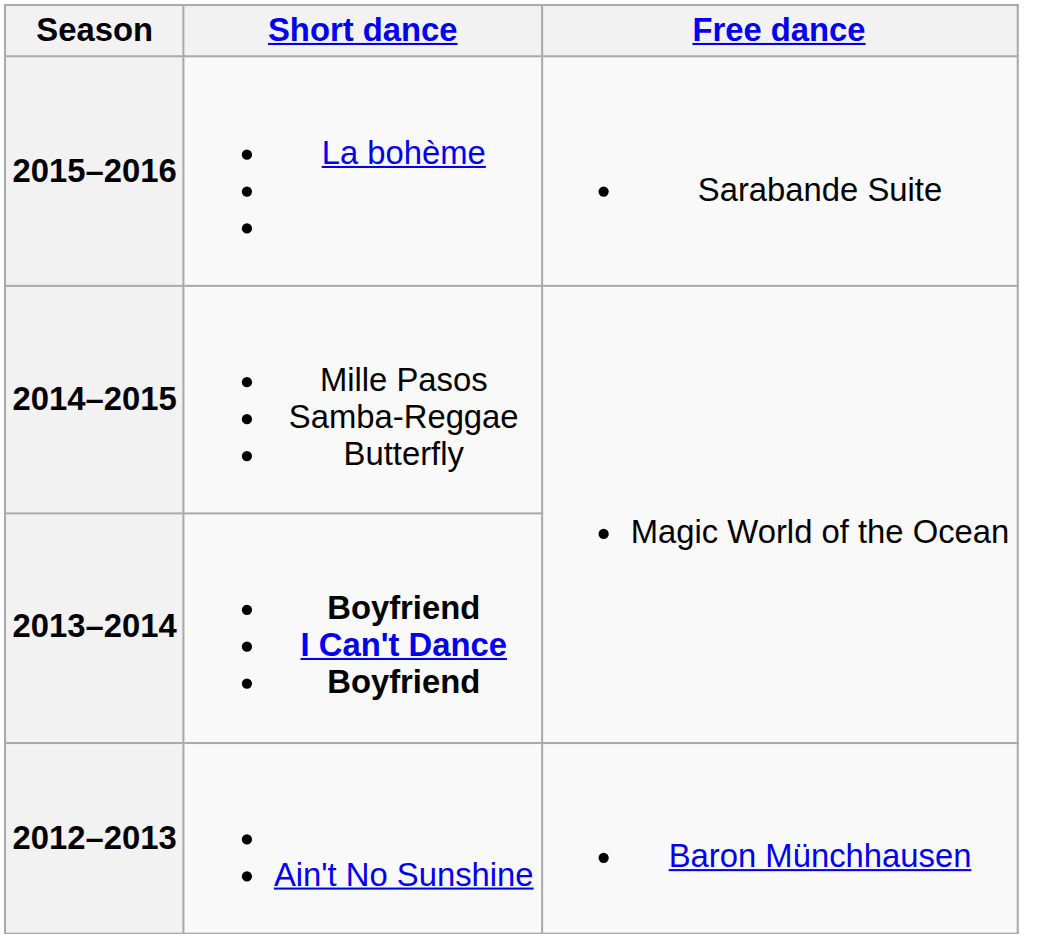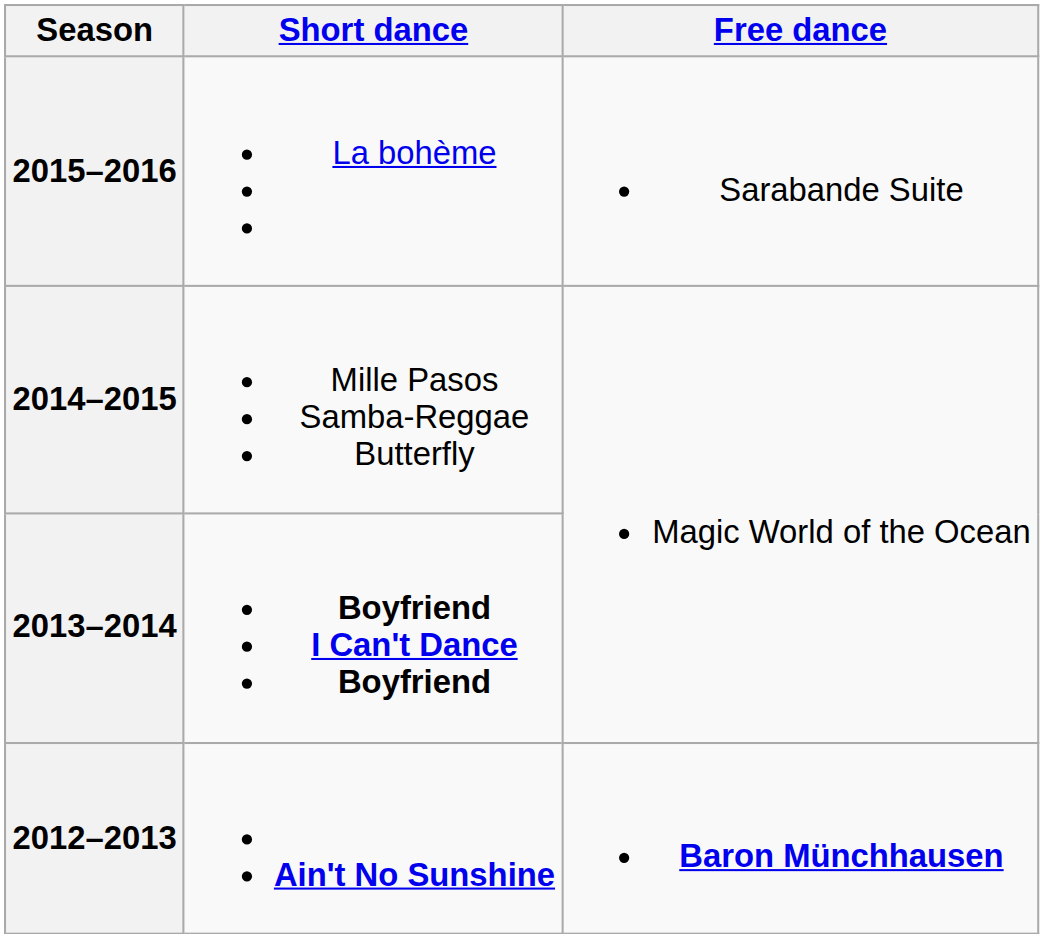 <table class=wikitable style=text-align:center>
 <tr>
 <th>Season</th>
 <th><a href='#'>Short dance</a></th>
 <th><a href='#'>Free dance</a></th>
 </tr>
 <tr>
 <th>2015–2016 <br> </th>
 <td><br><ul><li> <a href='#'>La bohème</a> <br></li><li></li><li></li></ul></td>
 <td><br><ul><li>Sarabande Suite <br></li></ul></td>
 </tr>
 <tr>
 <th>2014–2015 <br> </th>
 <td><br><ul><li> Mille Pasos</li><li> Samba-Reggae</li><li> Butterfly</li></ul></td>
 <td rowspan=2><br><ul><li>Magic World of the Ocean <br></li></ul></td>
 </tr>
 <tr>
 <th>2013–2014 <br> </th>
 <td><strong><br><ul><li> Boyfriend <br></li><li> <a href='#'>I Can't Dance</a> <br></li><li> Boyfriend <br></li></ul></strong></td>
 </tr>
 <tr>
 <th>2012–2013 <br> </th>
-<td><br><ul><li></li><li> <a href='#'>Ain't No Sunshine</a> <br></li></ul></td>
-<td><br><ul><li><a href='#'>Baron Münchhausen</a> <br></li></ul></td>
+<td><strong><br><ul><li></li><li> <a href='#'>Ain't No Sunshine</a> <br></li></ul></strong></td>
+<td><strong><br><ul><li><a href='#'>Baron Münchhausen</a> <br></li></ul></strong></td>
 </tr>
 </table>
